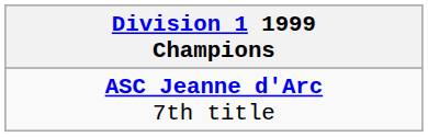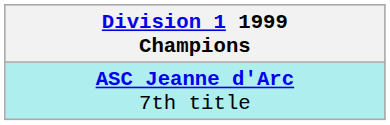 <table class="wikitable" style="margin: 0 auto; width: 240px;">
 <tr>
 <th><a href='#'>Division 1</a> 1999<br>Champions</th>
 </tr>
 <tr>
-<td align=center><strong><a href='#'>ASC Jeanne d'Arc</a></strong><br>7th title</td>
+<td align=center style="background: paleturquoise;"><strong><a href='#'>ASC Jeanne d'Arc</a></strong><br>7th title</td>
 </tr>
 </table>
